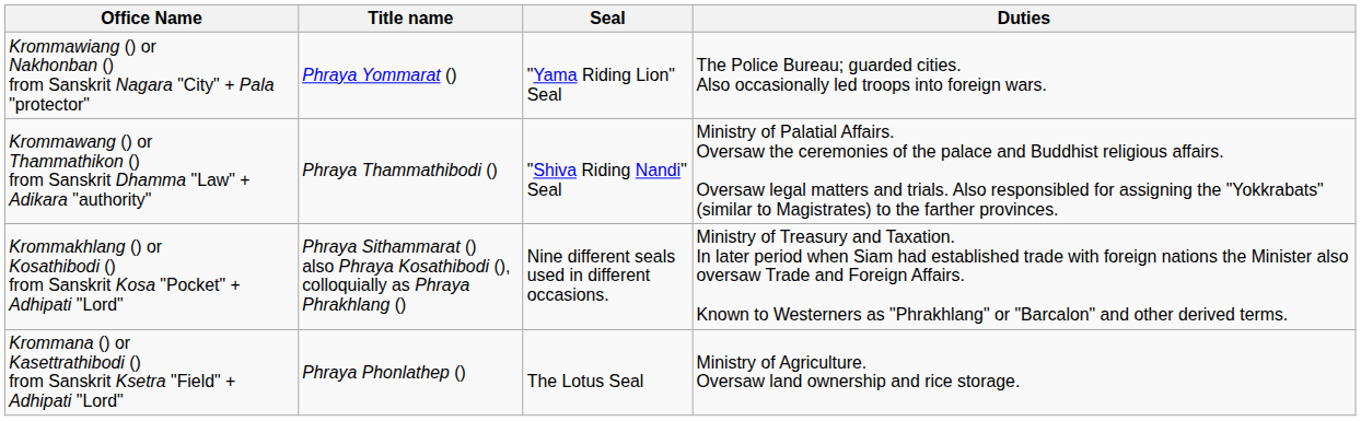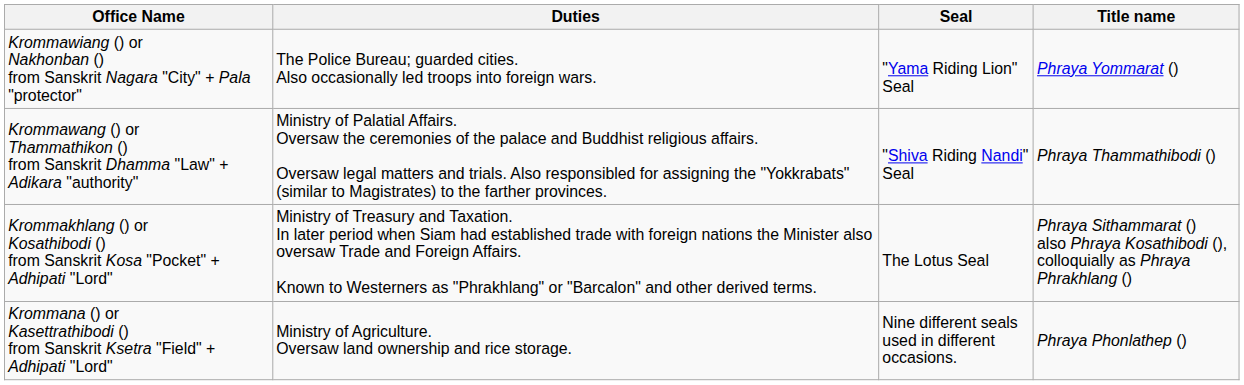 <table class="wikitable">
 <tr>
 <th>Office Name</th>
+<th>Duties</th>
+<th>Seal</th>
 <th>Title name</th>
-<th>Seal</th>
-<th>Duties</th>
 </tr>
 <tr>
 <td><em>Krommawiang</em> () or<br><em>Nakhonban</em> ()<br>from Sanskrit <em>Nagara</em> "City" + <em>Pala</em> "protector"</td>
+<td>The Police Bureau; guarded cities.<br>Also occasionally led troops into foreign wars.</td>
+<td><br>"<a href='#'>Yama</a> Riding Lion" Seal</td>
 <td><em><a href='#'>Phraya Yommarat</a></em> ()</td>
-<td><br>"<a href='#'>Yama</a> Riding Lion" Seal</td>
-<td>The Police Bureau; guarded cities.<br>Also occasionally led troops into foreign wars.</td>
 </tr>
 <tr>
 <td><em>Krommawang</em> () or<br><em>Thammathikon</em> ()<br>from Sanskrit <em>Dhamma</em> "Law" + <em>Adikara</em> "authority"</td>
+<td>Ministry of Palatial Affairs.<br>Oversaw the ceremonies of the palace and Buddhist religious affairs.<br><br> Oversaw legal matters and trials. Also responsibled for assigning the "Yokkrabats" (similar to Magistrates) to the farther provinces.</td>
+<td><br>"<a href='#'>Shiva</a> Riding <a href='#'>Nandi</a>" Seal</td>
 <td><em>Phraya Thammathibodi</em> ()</td>
-<td><br>"<a href='#'>Shiva</a> Riding <a href='#'>Nandi</a>" Seal</td>
-<td>Ministry of Palatial Affairs.<br>Oversaw the ceremonies of the palace and Buddhist religious affairs.<br><br> Oversaw legal matters and trials. Also responsibled for assigning the "Yokkrabats" (similar to Magistrates) to the farther provinces.</td>
 </tr>
 <tr>
 <td><em>Krommakhlang</em> () or<br><em>Kosathibodi</em> ()<br>from Sanskrit <em>Kosa</em> "Pocket" + <em>Adhipati</em> "Lord"</td>
+<td>Ministry of Treasury and Taxation.<br>In later period when Siam had established trade with foreign nations the Minister also oversaw Trade and Foreign Affairs.<br><br>Known to Westerners as "Phrakhlang" or "Barcalon" and other derived terms.</td>
+<td><br>The Lotus Seal</td>
 <td><em>Phraya Sithammarat</em> ()<br>also <em>Phraya Kosathibodi</em> (),<br>colloquially as <em>Phraya Phrakhlang</em> ()</td>
-<td>Nine different seals<br>used in different occasions.</td>
-<td>Ministry of Treasury and Taxation.<br>In later period when Siam had established trade with foreign nations the Minister also oversaw Trade and Foreign Affairs.<br><br>Known to Westerners as "Phrakhlang" or "Barcalon" and other derived terms.</td>
 </tr>
 <tr>
 <td><em>Krommana</em> () or<br><em>Kasettrathibodi</em> ()<br>from Sanskrit <em>Ksetra</em> "Field" + <em>Adhipati</em> "Lord"</td>
+<td>Ministry of Agriculture.<br>Oversaw land ownership and rice storage.</td>
+<td>Nine different seals<br>used in different occasions.</td>
 <td><em>Phraya Phonlathep</em> ()</td>
-<td><br>The Lotus Seal</td>
-<td>Ministry of Agriculture.<br>Oversaw land ownership and rice storage.</td>
 </tr>
 </table>
